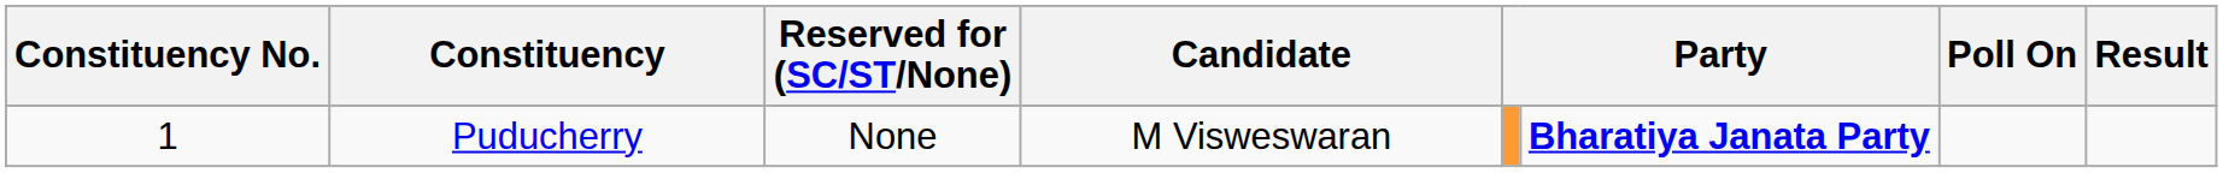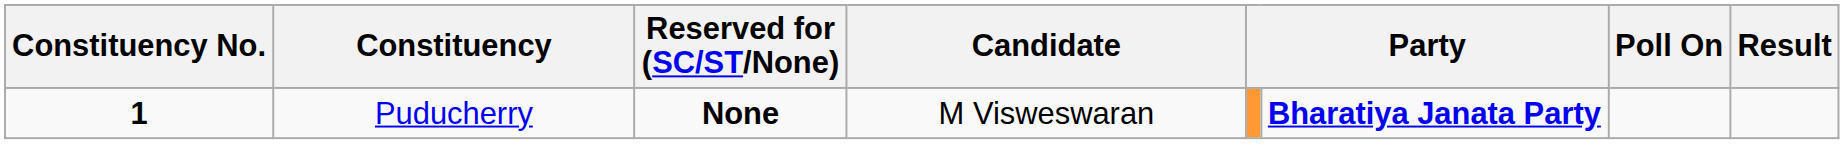 <table class="wikitable sortable" style="text-align:center">
 <tr>
 <th>Constituency No.</th>
 <th style="width:180px;">Constituency</th>
 <th>Reserved for<br>(<a href='#'>SC/ST</a>/None)</th>
 <th style="width:200px;">Candidate</th>
 <th colspan="2">Party</th>
 <th>Poll On</th>
 <th>Result</th>
 </tr>
 <tr>
-<td style="text-align:center;">1</td>
+<td style="text-align:center;"><strong>1</strong></td>
 <td><a href='#'>Puducherry</a></td>
-<td>None</td>
+<td><strong>None</strong></td>
 <td>M Visweswaran</td>
 <td bgcolor=#FF9933></td>
 <td><strong><a href='#'>Bharatiya Janata Party</a></strong></td>
 <td></td>
 <td></td>
 </tr>
 </table>
